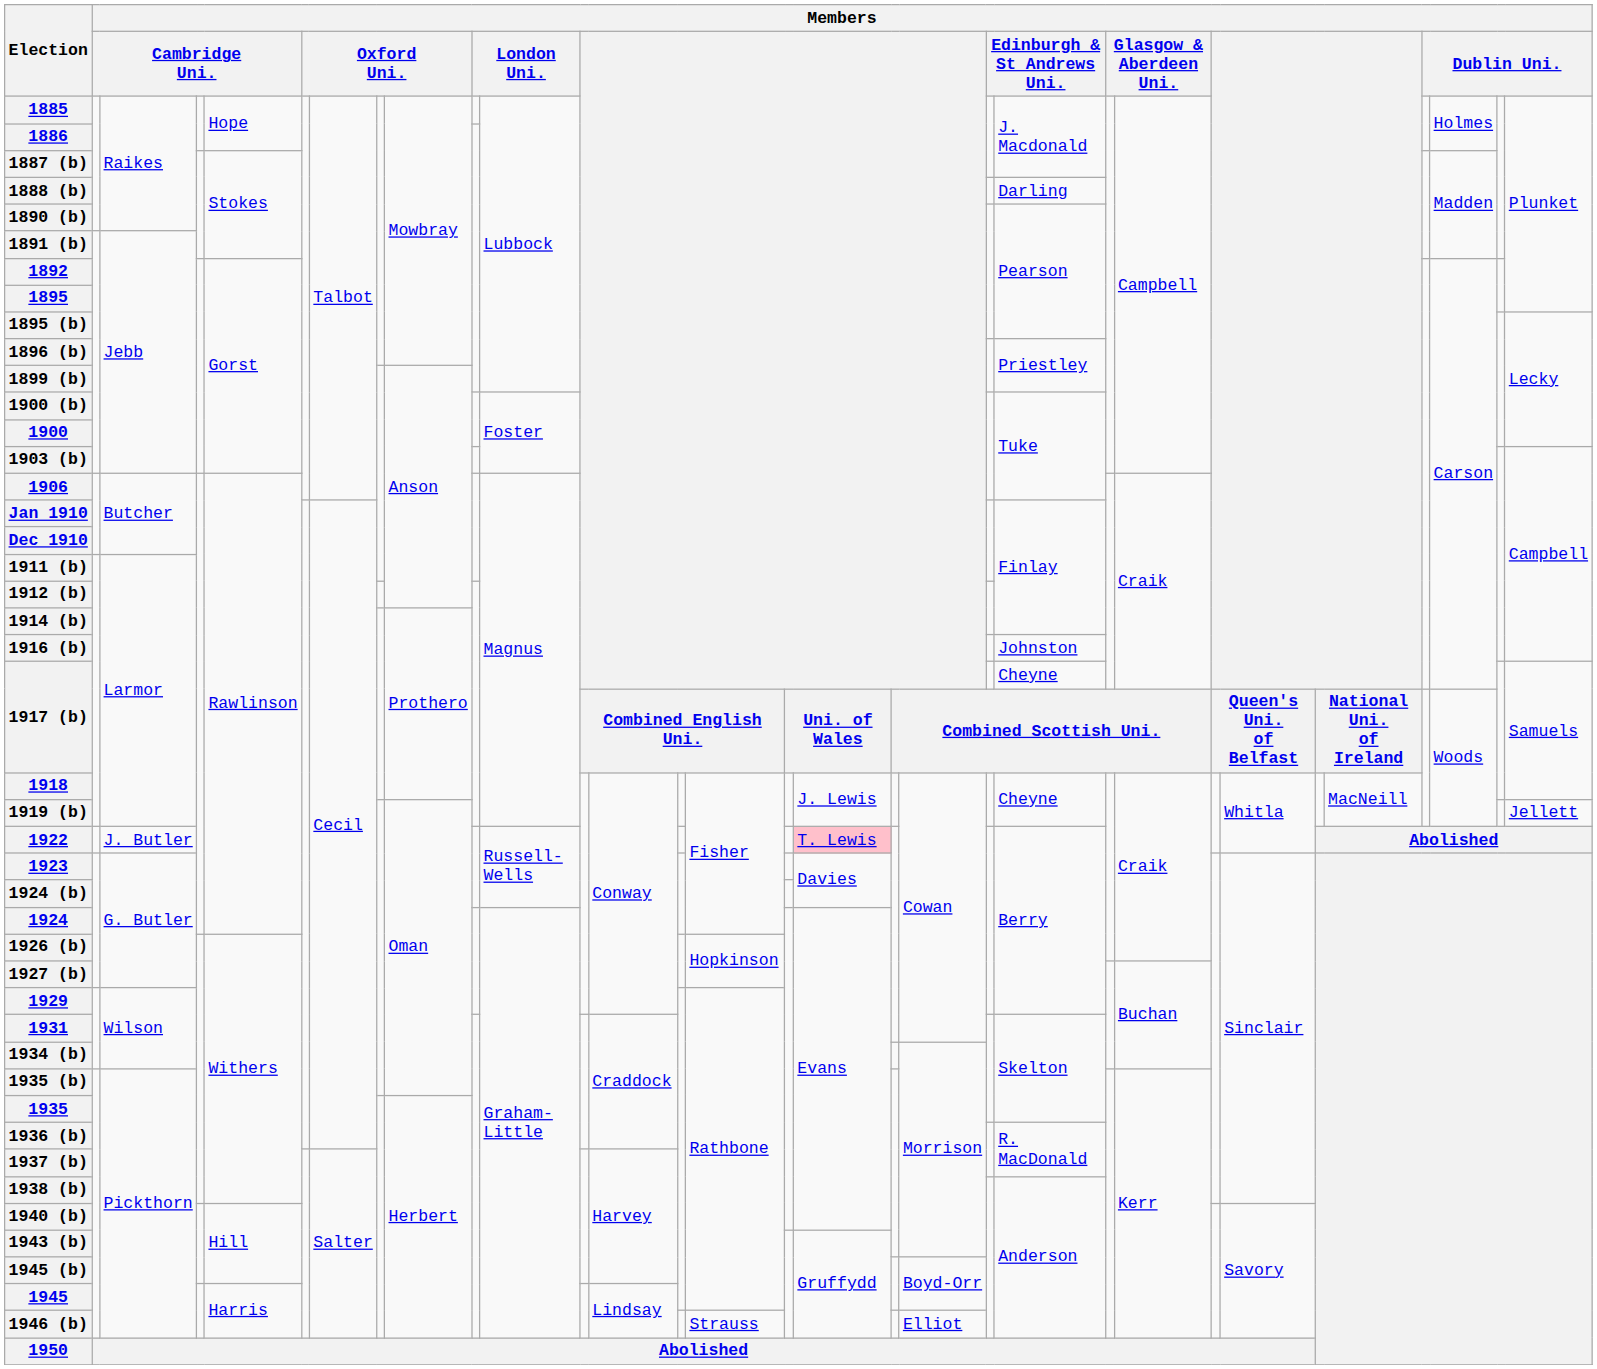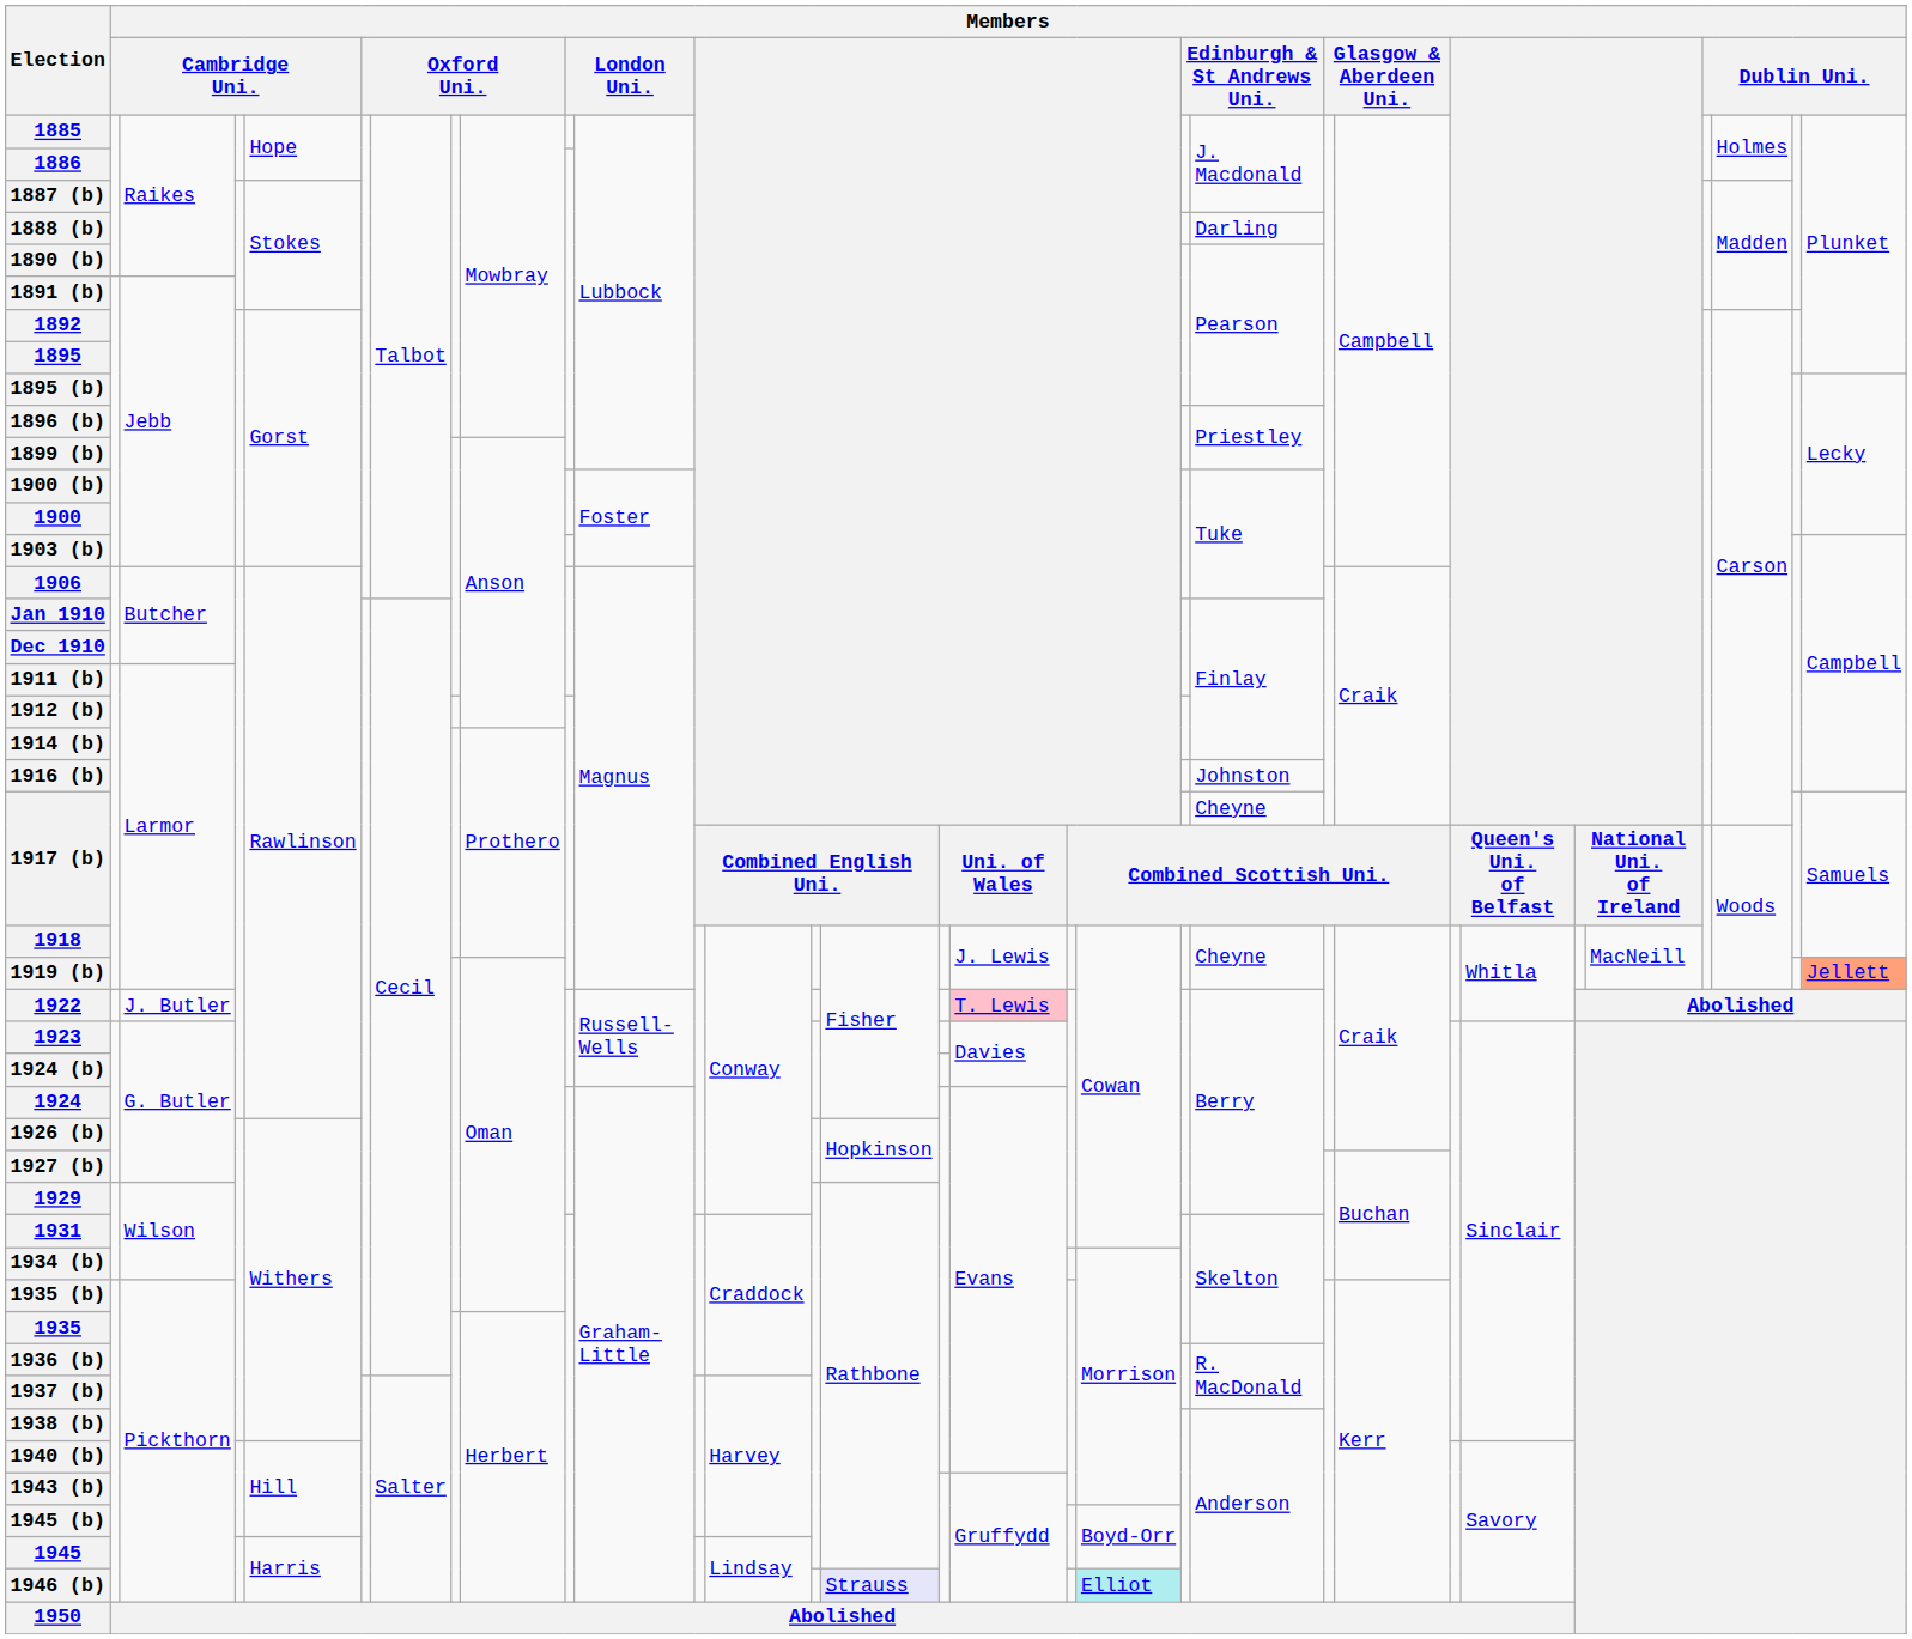 <table class="wikitable">
 <tr>
 <th rowspan="2">Election</th>
 <th colspan="30">Members</th>
 </tr>
 <tr>
 <th colspan="4"><a href='#'>Cambridge<br>Uni.</a></th>
 <th colspan="4"><a href='#'>Oxford<br>Uni.</a></th>
 <th colspan="2"><a href='#'>London<br>Uni.</a></th>
 <th colspan="8" rowspan="23"></th>
 <th colspan="2"><a href='#'>Edinburgh &<br>St Andrews Uni.</a></th>
 <th colspan="2"><a href='#'>Glasgow &<br>Aberdeen Uni.</a></th>
 <th colspan="4" rowspan="23"></th>
 <th colspan="4"><a href='#'>Dublin Uni.</a></th>
 </tr>
 <tr>
 <th><a href='#'>1885</a></th>
 <td rowspan="5" style="background-color:"></td>
 <td rowspan="5"><a href='#'>Raikes</a><br></td>
 <td rowspan="2" style="background-color:"></td>
 <td rowspan="2"><a href='#'>Hope</a><br></td>
 <td rowspan="15" style="background-color:"></td>
 <td rowspan="15"><a href='#'>Talbot</a><br></td>
 <td rowspan="10" style="background-color:"></td>
 <td rowspan="10"><a href='#'>Mowbray</a><br></td>
 <td style="background-color:"></td>
 <td rowspan="11"><a href='#'>Lubbock</a><br></td>
 <td rowspan="3" style="background-color:"></td>
 <td rowspan="3"><a href='#'>J. Macdonald</a><br></td>
 <td rowspan="14" style="background-color:"></td>
 <td rowspan="14"><a href='#'>Campbell</a><br></td>
 <td rowspan="2" style="background-color:"></td>
 <td rowspan="2"><a href='#'>Holmes</a><br></td>
 <td rowspan="6" style="background-color:"></td>
 <td rowspan="8"><a href='#'>Plunket</a><br></td>
 </tr>
 <tr>
 <th><a href='#'>1886</a></th>
 <td rowspan="10" style="background-color:"></td>
 </tr>
 <tr>
 <th>1887 (b)</th>
 <td rowspan="4" style="background-color:"></td>
 <td rowspan="4"><a href='#'>Stokes</a><br></td>
 <td rowspan="4" style="background-color:"></td>
 <td rowspan="4"><a href='#'>Madden</a><br></td>
 </tr>
 <tr>
 <th>1888 (b)</th>
 <td style="background-color:"></td>
 <td><a href='#'>Darling</a><br></td>
 </tr>
 <tr>
 <th>1890 (b)</th>
 <td rowspan="5" style="background-color:"></td>
 <td rowspan="5"><a href='#'>Pearson</a><br></td>
 </tr>
 <tr>
 <th>1891 (b)</th>
 <td rowspan="9" style="background-color:"></td>
 <td rowspan="9"><a href='#'>Jebb</a><br></td>
 </tr>
 <tr>
 <th><a href='#'>1892</a></th>
 <td rowspan="8" style="background-color:"></td>
 <td rowspan="8"><a href='#'>Gorst</a><br></td>
 <td rowspan="16" style="background-color:"></td>
 <td rowspan="16"><a href='#'>Carson</a><br></td>
 <td rowspan="2" style="background-color:"></td>
 </tr>
 <tr>
 <th><a href='#'>1895</a></th>
 </tr>
 <tr>
 <th>1895 (b)</th>
 <td rowspan="5" style="background-color:"></td>
 <td rowspan="5"><a href='#'>Lecky</a><br></td>
 </tr>
 <tr>
 <th>1896 (b)</th>
 <td rowspan="2" style="background-color:"></td>
 <td rowspan="2"><a href='#'>Priestley</a><br></td>
 </tr>
 <tr>
 <th>1899 (b)</th>
 <td rowspan="8" style="background-color:"></td>
 <td rowspan="9"><a href='#'>Anson</a><br></td>
 </tr>
 <tr>
 <th>1900 (b)</th>
 <td rowspan="2" style="background-color:"></td>
 <td rowspan="3"><a href='#'>Foster</a><br></td>
 <td rowspan="4" style="background-color:"></td>
 <td rowspan="4"><a href='#'>Tuke</a><br></td>
 </tr>
 <tr>
 <th><a href='#'>1900</a></th>
 </tr>
 <tr>
 <th>1903 (b)</th>
 <td style="background-color:"></td>
 <td rowspan="8" style="background-color:"></td>
 <td rowspan="8"><a href='#'>Campbell</a><br></td>
 </tr>
 <tr>
 <th><a href='#'>1906</a></th>
 <td rowspan="3" style="background-color:"></td>
 <td rowspan="3"><a href='#'>Butcher</a><br></td>
 <td rowspan="15" style="background-color:"></td>
 <td rowspan="15"><a href='#'>Rawlinson</a><br></td>
 <td rowspan="4" style="background-color:"></td>
 <td rowspan="11"><a href='#'>Magnus</a><br></td>
 <td rowspan="8" style="background-color:"></td>
 <td rowspan="8"><a href='#'>Craik</a><br></td>
 </tr>
 <tr>
 <th><a href='#'>Jan 1910</a></th>
 <td rowspan="22" style="background-color:"></td>
 <td rowspan="22"><a href='#'>Cecil</a><br></td>
 <td rowspan="3" style="background-color:"></td>
 <td rowspan="5"><a href='#'>Finlay</a><br></td>
 </tr>
 <tr>
 <th><a href='#'>Dec 1910</a></th>
 </tr>
 <tr>
 <th>1911 (b)</th>
 <td rowspan="8" style="background-color:"></td>
 <td rowspan="8"><a href='#'>Larmor</a><br></td>
 </tr>
 <tr>
 <th>1912 (b)</th>
 <td style="background-color:"></td>
 <td rowspan="7" style="background-color:"></td>
 <td rowspan="2" style="background-color:"></td>
 </tr>
 <tr>
 <th>1914 (b)</th>
 <td rowspan="5" style="background-color:"></td>
 <td rowspan="5"><a href='#'>Prothero</a><br></td>
 </tr>
 <tr>
 <th>1916 (b)</th>
 <td style="background-color:"></td>
 <td><a href='#'>Johnston</a><br></td>
 </tr>
 <tr>
 <th rowspan="2">1917 (b)</th>
 <td style="background-color:"></td>
 <td><a href='#'>Cheyne</a><br></td>
 <td rowspan="3" style="background-color:"></td>
 <td rowspan="3"><a href='#'>Samuels</a><br></td>
 </tr>
 <tr>
 <th colspan="4"><a href='#'>Combined English Uni.</a></th>
 <th colspan="2"><a href='#'>Uni. of Wales</a></th>
 <th colspan="6"><a href='#'>Combined Scottish Uni.</a></th>
 <th colspan="2"><a href='#'>Queen's Uni.<br>of Belfast</a></th>
 <th colspan="2"><a href='#'>National Uni.<br>of Ireland</a></th>
 <td rowspan="3" style="background-color:"></td>
 <td rowspan="3"><a href='#'>Woods</a><br></td>
 </tr>
 <tr>
 <th><a href='#'>1918</a></th>
 <td rowspan="9" style="background-color:"></td>
 <td rowspan="9"><a href='#'>Conway</a><br></td>
 <td rowspan="2" style="background-color:"></td>
 <td rowspan="6"><a href='#'>Fisher</a><br></td>
 <td rowspan="2" style="background-color:"></td>
 <td rowspan="2"><a href='#'>J. Lewis</a><br></td>
 <td rowspan="2" style="background-color:"></td>
 <td rowspan="10"><a href='#'>Cowan</a><br></td>
 <td rowspan="2" style="background-color:"></td>
 <td rowspan="2"><a href='#'>Cheyne</a><br></td>
 <td rowspan="7" style="background-color:"></td>
 <td rowspan="7"><a href='#'>Craik</a><br></td>
 <td rowspan="3" style="background-color:"></td>
 <td rowspan="3"><a href='#'>Whitla</a><br></td>
 <td rowspan="2" style="background-color:"></td>
 <td rowspan="2"><a href='#'>MacNeill</a><br></td>
 </tr>
 <tr>
 <th>1919 (b)</th>
 <td rowspan="11" style="background-color:"></td>
 <td rowspan="11"><a href='#'>Oman</a><br></td>
 <td style="background-color:"></td>
-<td><a href='#'>Jellett</a><br></td>
+<td style="background: lightsalmon;"><a href='#'>Jellett</a><br></td>
 </tr>
 <tr>
 <th><a href='#'>1922</a></th>
 <td style="background-color:"></td>
 <td><a href='#'>J. Butler</a><br></td>
 <td rowspan="3" style="background-color:"></td>
 <td rowspan="3"><a href='#'>Russell-Wells</a><br></td>
 <td style="background-color:"></td>
 <td style="background-color:"></td>
 <td style="background: pink;"><a href='#'>T. Lewis</a><br></td>
 <td rowspan="8" style="background-color:"></td>
 <td rowspan="7" style="background-color:"></td>
 <td rowspan="7"><a href='#'>Berry</a><br></td>
 <th colspan="6"><a href='#'>Abolished</a></th>
 </tr>
 <tr>
 <th><a href='#'>1923</a></th>
 <td rowspan="5" style="background-color:"></td>
 <td rowspan="5"><a href='#'>G. Butler</a><br></td>
 <td rowspan="3" style="background-color:"></td>
 <td></td>
 <td rowspan="2"><a href='#'>Davies</a><br></td>
 <td rowspan="13" style="background-color:"></td>
 <td rowspan="13"><a href='#'>Sinclair</a><br></td>
 <th colspan="6" rowspan="19"></th>
 </tr>
 <tr>
 <th>1924 (b)</th>
 <td style="background-color:"></td>
 </tr>
 <tr>
 <th><a href='#'>1924</a></th>
 <td rowspan="4" style="background-color:"></td>
 <td rowspan="16"><a href='#'>Graham-Little</a><br></td>
 <td rowspan="12" style="background-color:"></td>
 <td rowspan="12"><a href='#'>Evans</a><br></td>
 </tr>
 <tr>
 <th>1926 (b)</th>
 <td rowspan="10" style="background-color:"></td>
 <td rowspan="10"><a href='#'>Withers</a><br></td>
 <td rowspan="2" style="background-color:"></td>
 <td rowspan="2"><a href='#'>Hopkinson</a><br></td>
 </tr>
 <tr>
 <th>1927 (b)</th>
 <td rowspan="4" style="background-color:"></td>
 <td rowspan="4"><a href='#'>Buchan</a><br></td>
 </tr>
 <tr>
 <th><a href='#'>1929</a></th>
 <td rowspan="3" style="background-color:"></td>
 <td rowspan="3"><a href='#'>Wilson</a><br></td>
 <td rowspan="12" style="background-color:"></td>
 <td rowspan="12"><a href='#'>Rathbone</a><br></td>
 </tr>
 <tr>
 <th><a href='#'>1931</a></th>
 <td rowspan="12" style="background-color:"></td>
 <td rowspan="5" style="background-color:"></td>
 <td rowspan="5"><a href='#'>Craddock</a><br></td>
 <td rowspan="4" style="background-color:"></td>
 <td rowspan="4"><a href='#'>Skelton</a><br></td>
 </tr>
 <tr>
 <th>1934 (b)</th>
 <td style="background-color:"></td>
 <td rowspan="8"><a href='#'>Morrison</a><br></td>
 </tr>
 <tr>
 <th>1935 (b)</th>
 <td rowspan="10" style="background-color:"></td>
 <td rowspan="10"><a href='#'>Pickthorn</a><br></td>
 <td rowspan="7" style="background-color:"></td>
 <td rowspan="10" style="background-color:"></td>
 <td rowspan="10"><a href='#'>Kerr</a><br></td>
 </tr>
 <tr>
 <th><a href='#'>1935</a></th>
 <td rowspan="9" style="background-color:"></td>
 <td rowspan="9"><a href='#'>Herbert</a><br></td>
 </tr>
 <tr>
 <th>1936 (b)</th>
 <td rowspan="2" style="background-color:"></td>
 <td rowspan="2"><a href='#'>R. MacDonald</a><br></td>
 </tr>
 <tr>
 <th>1937 (b)</th>
 <td rowspan="7" style="background-color:"></td>
 <td rowspan="7"><a href='#'>Salter</a><br></td>
 <td rowspan="5" style="background-color:"></td>
 <td rowspan="5"><a href='#'>Harvey</a><br></td>
 </tr>
 <tr>
 <th>1938 (b)</th>
 <td rowspan="6" style="background-color:"></td>
 <td rowspan="6"><a href='#'>Anderson</a><br></td>
 </tr>
 <tr>
 <th>1940 (b)</th>
 <td rowspan="3" style="background-color:"></td>
 <td rowspan="3"><a href='#'>Hill</a><br></td>
 <td rowspan="5" style="background-color:"></td>
 <td rowspan="5"><a href='#'>Savory</a><br></td>
 </tr>
 <tr>
 <th>1943 (b)</th>
 <td rowspan="4" style="background-color:"></td>
 <td rowspan="4"><a href='#'>Gruffydd</a><br></td>
 </tr>
 <tr>
 <th>1945 (b)</th>
 <td rowspan="2" style="background-color:"></td>
 <td rowspan="2"><a href='#'>Boyd-Orr</a><br></td>
 </tr>
 <tr>
 <th><a href='#'>1945</a></th>
 <td rowspan="2" style="background-color:"></td>
 <td rowspan="2"><a href='#'>Harris</a><br></td>
 <td rowspan="2" style="background-color:"></td>
 <td rowspan="2"><a href='#'>Lindsay</a><br></td>
 </tr>
 <tr>
 <th>1946 (b)</th>
 <td style="background-color:"></td>
-<td><a href='#'>Strauss</a><br></td>
+<td style="background: lavender;"><a href='#'>Strauss</a><br></td>
 <td style="background-color:"></td>
-<td><a href='#'>Elliot</a><br></td>
+<td style="background: paleturquoise;"><a href='#'>Elliot</a><br></td>
 </tr>
 <tr>
 <th><a href='#'>1950</a></th>
 <th colspan="24"><a href='#'>Abolished</a></th>
 </tr>
 </table>
